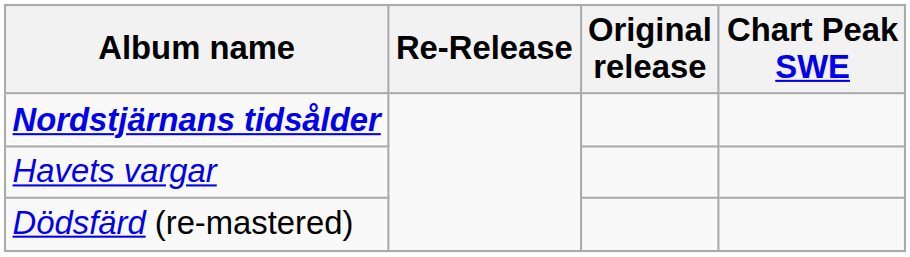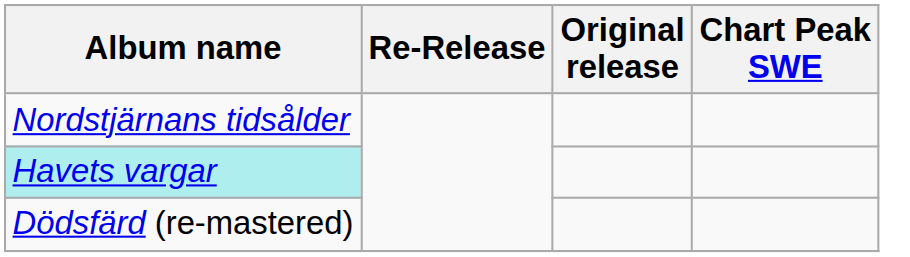 <table class="wikitable">
 <tr>
 <th>Album name</th>
 <th>Re-Release</th>
 <th>Original <br>release</th>
 <th>Chart Peak <br><a href='#'>SWE</a></th>
 </tr>
 <tr>
-<td><strong><em><a href='#'>Nordstjärnans tidsålder</a></em></strong></td>
+<td><em><a href='#'>Nordstjärnans tidsålder</a></em></td>
 <td rowspan=3></td>
 <td></td>
 <td></td>
 </tr>
 <tr>
-<td><em><a href='#'>Havets vargar</a></em></td>
+<td style="background: paleturquoise;"><em><a href='#'>Havets vargar</a></em></td>
 <td></td>
 <td></td>
 </tr>
 <tr>
 <td><em><a href='#'>Dödsfärd</a></em> (re-mastered)</td>
 <td></td>
 <td></td>
 </tr>
 <tr>
 </tr>
 </table>
